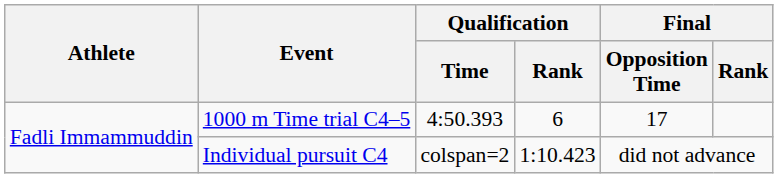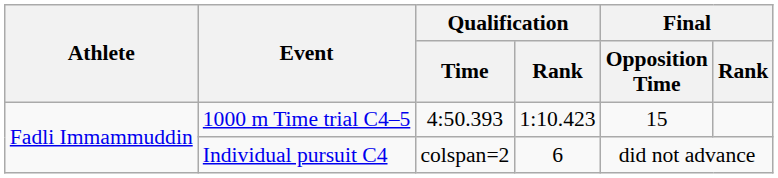 <table class=wikitable style="font-size:90%">
 <tr>
 <th rowspan="2">Athlete</th>
 <th rowspan="2">Event</th>
 <th colspan="2">Qualification</th>
 <th colspan="2">Final</th>
 </tr>
 <tr>
 <th>Time</th>
 <th>Rank</th>
 <th>Opposition<br>Time</th>
 <th>Rank</th>
 </tr>
 <tr align=center>
 <td rowspan="2" align=left><a href='#'>Fadli Immammuddin</a></td>
 <td align=left><a href='#'>1000 m Time trial C4–5</a></td>
 <td>4:50.393</td>
-<td>6</td>
-<td>17</td>
+<td>1:10.423</td>
+<td>15</td>
 </tr>
 <tr align=center>
 <td align=left><a href='#'>Individual pursuit C4</a></td>
 <td>colspan=2 </td>
-<td>1:10.423</td>
+<td>6</td>
 <td colspan=2>did not advance</td>
 </tr>
 </table>
